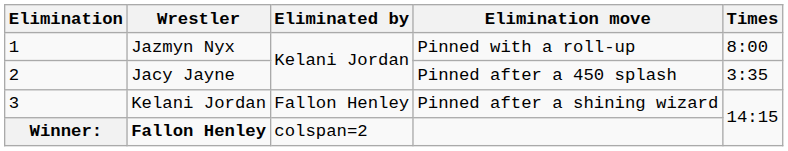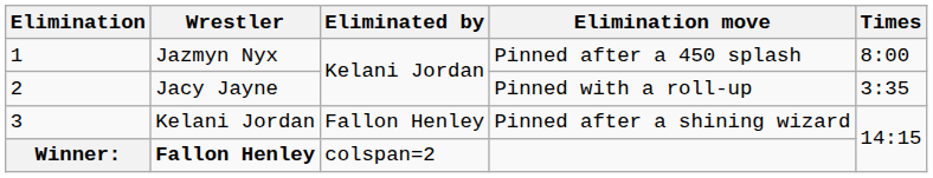 <table class="wikitable" border="1">
 <tr>
 <th>Elimination</th>
 <th>Wrestler</th>
 <th>Eliminated by</th>
 <th>Elimination move</th>
 <th>Times</th>
 </tr>
 <tr>
 <td>1</td>
 <td>Jazmyn Nyx</td>
 <td rowspan=2>Kelani Jordan</td>
-<td>Pinned with a roll-up</td>
+<td>Pinned after a 450 splash</td>
 <td>8:00</td>
 </tr>
 <tr>
 <td>2</td>
 <td>Jacy Jayne</td>
-<td>Pinned after a 450 splash</td>
+<td>Pinned with a roll-up</td>
 <td>3:35</td>
 </tr>
 <tr>
 <td>3</td>
 <td>Kelani Jordan</td>
 <td>Fallon Henley</td>
 <td>Pinned after a shining wizard</td>
 <td rowspan=2>14:15</td>
 </tr>
 <tr>
 <th>Winner:</th>
 <td align=center><strong>Fallon Henley</strong></td>
 <td>colspan=2 </td>
 </tr>
 </table>
